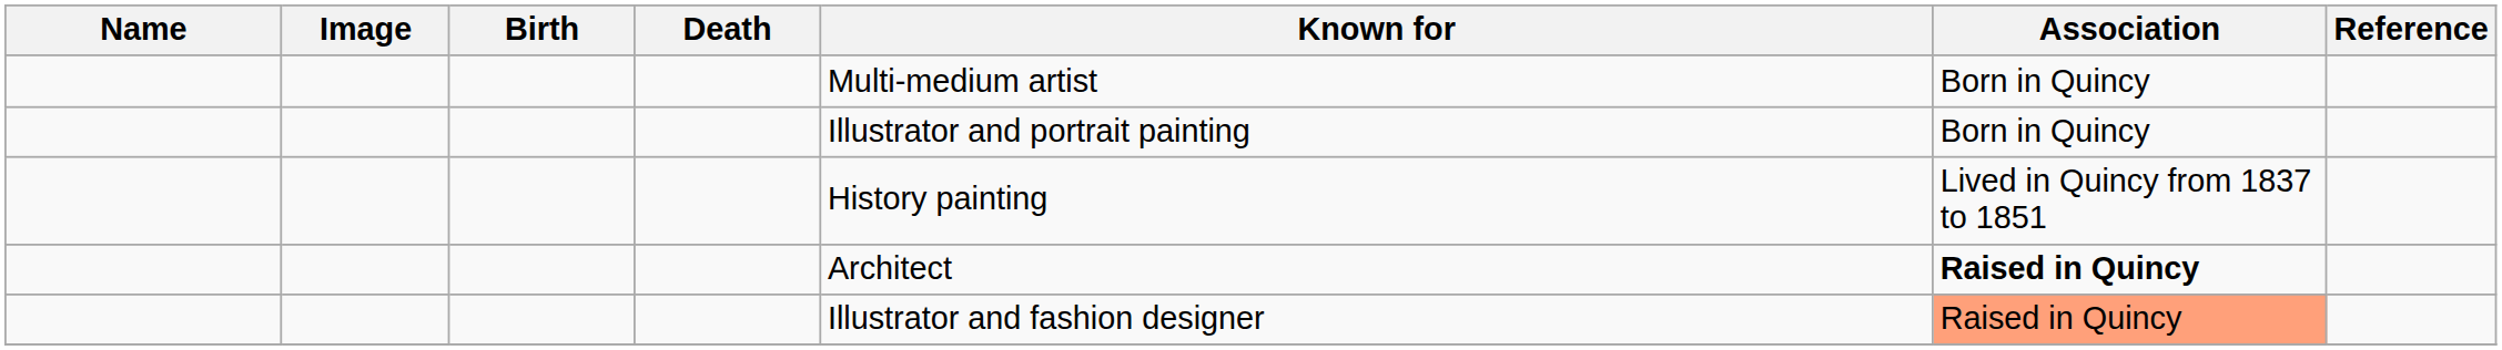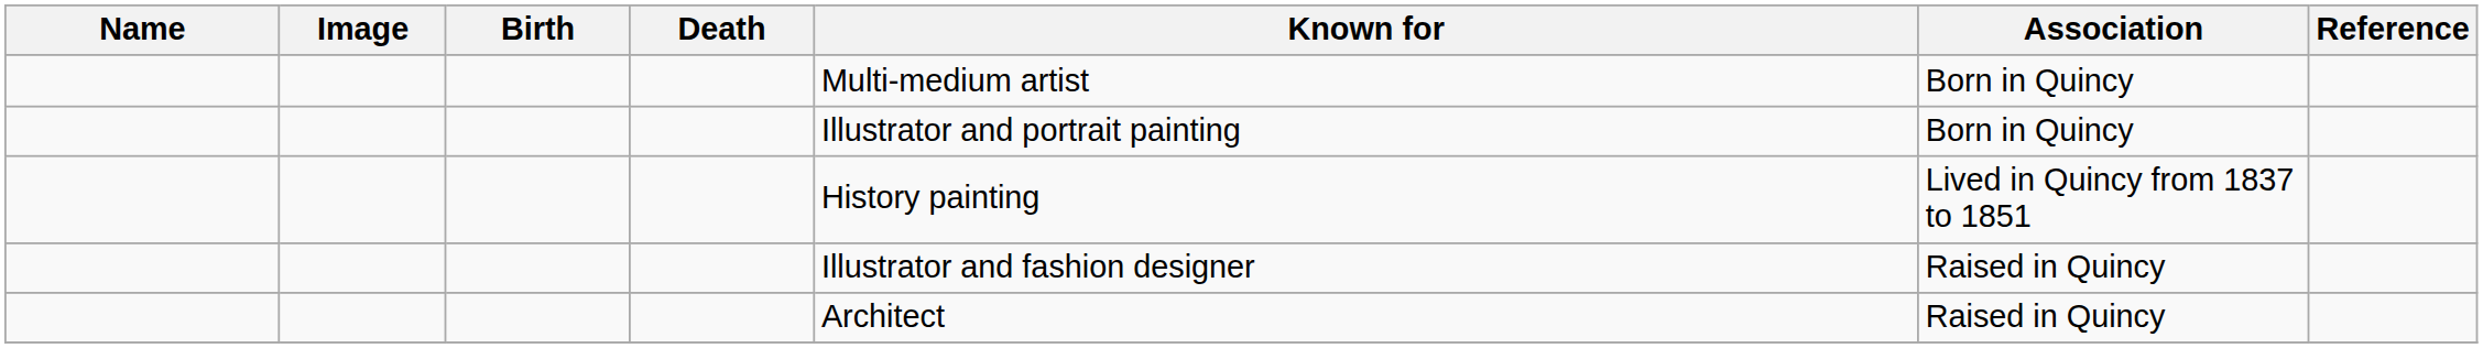 <table class="wikitable sortable">
 <tr>
 <th scope="col" style="width:140px;">Name</th>
 <th scope="col" style="width:80px;" class="unsortable">Image</th>
 <th scope="col" style="width:90px;">Birth</th>
 <th scope="col" style="width:90px;">Death</th>
 <th scope="col" style="width:600px;" class="unsortable">Known for</th>
 <th scope="col" style="width:200px;" class="unsortable">Association</th>
 <th scope="col" style="width:30px;" class="unsortable">Reference</th>
 </tr>
 <tr>
 <td></td>
 <td></td>
 <td align=right></td>
 <td align=right></td>
 <td>Multi-medium artist</td>
 <td>Born in Quincy</td>
 <td style="text-align:center;"></td>
 </tr>
 <tr>
 <td></td>
 <td></td>
 <td align=right></td>
 <td align=right></td>
 <td>Illustrator and portrait painting</td>
 <td>Born in Quincy</td>
 <td style="text-align:center;"></td>
 </tr>
 <tr>
 <td></td>
 <td></td>
 <td align=right></td>
 <td align=right></td>
 <td>History painting</td>
 <td>Lived in Quincy from 1837 to 1851</td>
 <td style="text-align:center;"></td>
 </tr>
 <tr>
 <td></td>
 <td></td>
 <td align=right></td>
 <td align=right></td>
-<td>Architect</td>
-<td><strong>Raised in Quincy</strong></td>
+<td>Illustrator and fashion designer</td>
+<td>Raised in Quincy</td>
 <td style="text-align:center;"></td>
 </tr>
 <tr>
 <td></td>
 <td></td>
 <td align=right></td>
 <td align=right></td>
-<td>Illustrator and fashion designer</td>
-<td style="background: lightsalmon;">Raised in Quincy</td>
+<td>Architect</td>
+<td>Raised in Quincy</td>
 <td style="text-align:center;"></td>
 </tr>
 <tr>
 </tr>
 </table>
